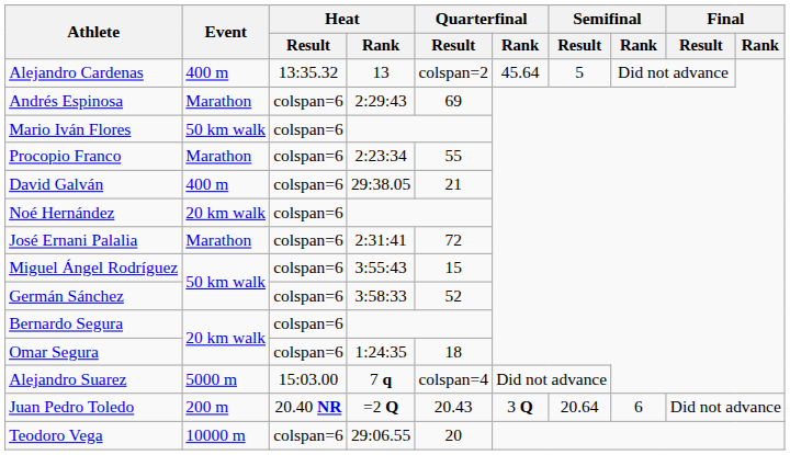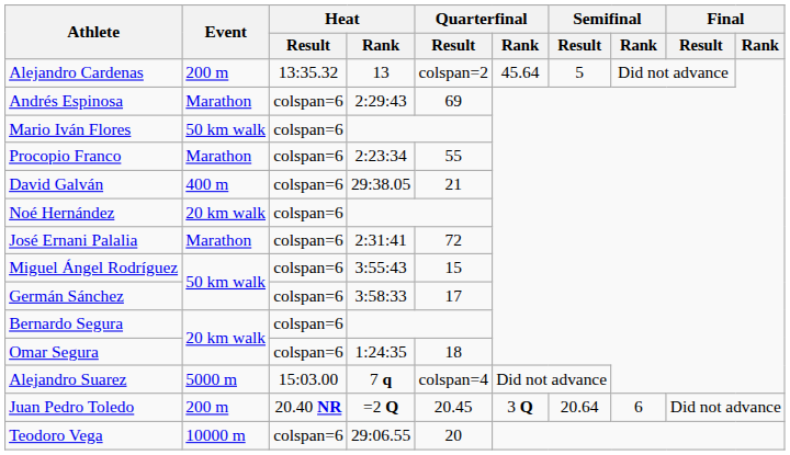 <table class=wikitable style="font-size:90%">
 <tr>
 <th rowspan="2">Athlete</th>
 <th rowspan="2">Event</th>
 <th colspan="2">Heat</th>
 <th colspan="2">Quarterfinal</th>
 <th colspan="2">Semifinal</th>
 <th colspan="2">Final</th>
 </tr>
 <tr style="font-size:95%">
 <th>Result</th>
 <th>Rank</th>
 <th>Result</th>
 <th>Rank</th>
 <th>Result</th>
 <th>Rank</th>
 <th>Result</th>
 <th>Rank</th>
 </tr>
 <tr align=center>
 <td align=left><a href='#'>Alejandro Cardenas</a></td>
-<td align=left><a href='#'>400 m</a></td>
+<td align=left><a href='#'>200 m</a></td>
 <td>13:35.32</td>
 <td>13</td>
 <td>colspan=2 </td>
 <td>45.64</td>
 <td>5</td>
 <td colspan=2>Did not advance</td>
 </tr>
 <tr align=center>
 <td align=left><a href='#'>Andrés Espinosa</a></td>
 <td align=left><a href='#'>Marathon</a></td>
 <td>colspan=6 </td>
 <td>2:29:43</td>
 <td>69</td>
 </tr>
 <tr align=center>
 <td align=left><a href='#'>Mario Iván Flores</a></td>
 <td align=left><a href='#'>50 km walk</a></td>
 <td>colspan=6 </td>
 <td colspan=2></td>
 </tr>
 <tr align=center>
 <td align=left><a href='#'>Procopio Franco</a></td>
 <td align=left><a href='#'>Marathon</a></td>
 <td>colspan=6 </td>
 <td>2:23:34</td>
 <td>55</td>
 </tr>
 <tr align=center>
 <td align=left><a href='#'>David Galván</a></td>
 <td align=left><a href='#'>400 m</a></td>
 <td>colspan=6 </td>
 <td>29:38.05</td>
 <td>21</td>
 </tr>
 <tr align=center>
 <td align=left><a href='#'>Noé Hernández</a></td>
 <td align=left><a href='#'>20 km walk</a></td>
 <td>colspan=6 </td>
 <td colspan=2></td>
 </tr>
 <tr align=center>
 <td align=left><a href='#'>José Ernani Palalia</a></td>
 <td align=left><a href='#'>Marathon</a></td>
 <td>colspan=6 </td>
 <td>2:31:41</td>
 <td>72</td>
 </tr>
 <tr align=center>
 <td align=left><a href='#'>Miguel Ángel Rodríguez</a></td>
 <td align=left rowspan=2><a href='#'>50 km walk</a></td>
 <td>colspan=6 </td>
 <td>3:55:43</td>
 <td>15</td>
 </tr>
 <tr align=center>
 <td align=left><a href='#'>Germán Sánchez</a></td>
 <td>colspan=6 </td>
 <td>3:58:33</td>
-<td>52</td>
+<td>17</td>
 </tr>
 <tr align=center>
 <td align=left><a href='#'>Bernardo Segura</a></td>
 <td align=left rowspan=2><a href='#'>20 km walk</a></td>
 <td>colspan=6 </td>
 <td colspan=2></td>
 </tr>
 <tr align=center>
 <td align=left><a href='#'>Omar Segura</a></td>
 <td>colspan=6 </td>
 <td>1:24:35</td>
 <td>18</td>
 </tr>
 <tr align=center>
 <td align=left><a href='#'>Alejandro Suarez</a></td>
 <td align=left><a href='#'>5000 m</a></td>
 <td>15:03.00</td>
 <td>7 <strong>q</strong></td>
 <td>colspan=4 </td>
 <td colspan=2>Did not advance</td>
 </tr>
 <tr align=center>
 <td align=left><a href='#'>Juan Pedro Toledo</a></td>
 <td align=left><a href='#'>200 m</a></td>
 <td>20.40 <strong><a href='#'>NR</a></strong></td>
 <td>=2 <strong>Q</strong></td>
-<td>20.43</td>
+<td>20.45</td>
 <td>3 <strong>Q</strong></td>
 <td>20.64</td>
 <td>6</td>
 <td colspan=2>Did not advance</td>
 </tr>
 <tr align=center>
 <td align=left><a href='#'>Teodoro Vega</a></td>
 <td align=left><a href='#'>10000 m</a></td>
 <td>colspan=6 </td>
 <td>29:06.55</td>
 <td>20</td>
 </tr>
 </table>
